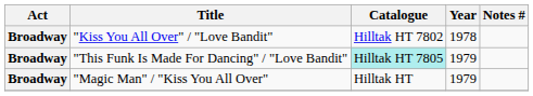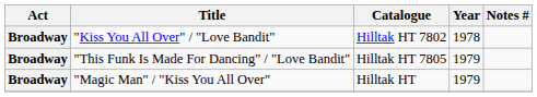 <table class="wikitable plainrowheaders sortable">
 <tr>
 <th scope="col" class="unsortable">Act</th>
 <th scope="col">Title</th>
 <th scope="col">Catalogue</th>
 <th scope="col">Year</th>
 <th scope="col" class="unsortable">Notes #</th>
 </tr>
 <tr>
 <th scope="row">Broadway</th>
 <td>"<a href='#'>Kiss You All Over</a>" / "Love Bandit"</td>
 <td><a href='#'>Hilltak</a>  HT 7802</td>
 <td>1978</td>
 <td></td>
 </tr>
 <tr>
 <th scope="row">Broadway</th>
 <td>"This Funk Is Made For Dancing" / "Love Bandit"</td>
-<td style="background: paleturquoise;">Hilltak HT 7805</td>
+<td>Hilltak HT 7805</td>
 <td>1979</td>
 <td></td>
 </tr>
 <tr>
 <th scope="row">Broadway</th>
 <td>"Magic Man" / "Kiss You All Over"</td>
 <td>Hilltak HT</td>
 <td>1979</td>
 <td></td>
 </tr>
 <tr>
 </tr>
 </table>
